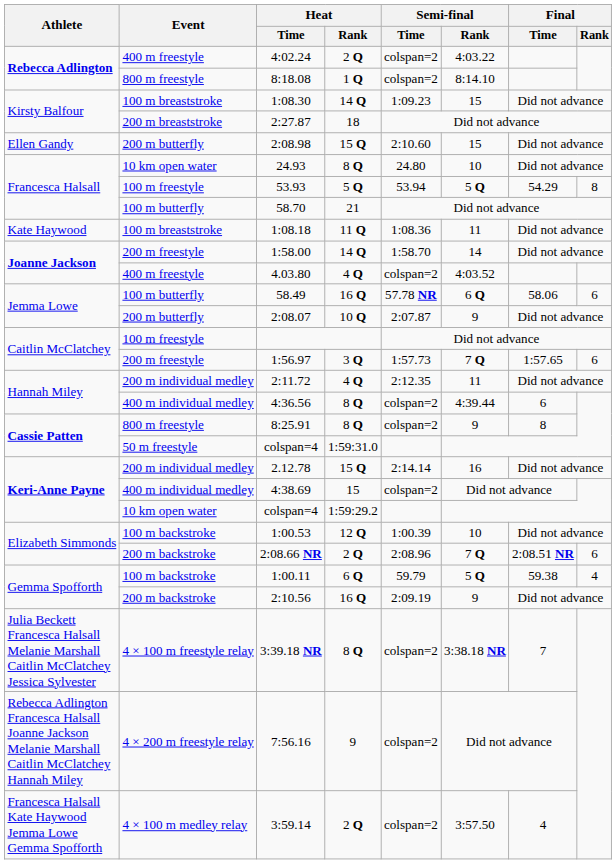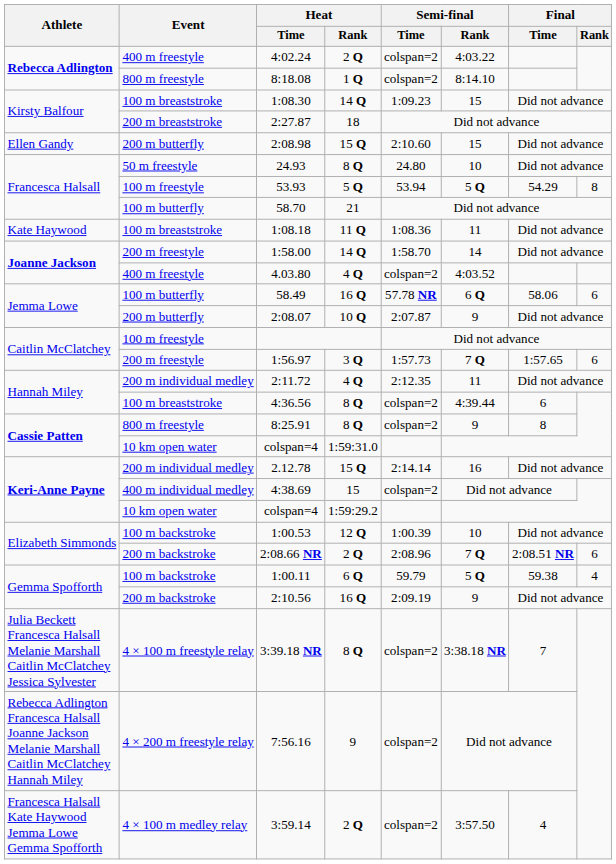 <table class=wikitable style="font-size:90%">
 <tr>
 <th rowspan="2">Athlete</th>
 <th rowspan="2">Event</th>
 <th colspan="2">Heat</th>
 <th colspan="2">Semi-final</th>
 <th colspan="2">Final</th>
 </tr>
 <tr style="font-size:95%">
 <th>Time</th>
 <th>Rank</th>
 <th>Time</th>
 <th>Rank</th>
 <th>Time</th>
 <th>Rank</th>
 </tr>
 <tr align=center>
 <td align=left rowspan=2><strong><a href='#'>Rebecca Adlington</a></strong></td>
 <td align=left><a href='#'>400 m freestyle</a></td>
 <td>4:02.24</td>
 <td>2 <strong>Q</strong></td>
 <td>colspan=2 </td>
 <td>4:03.22</td>
 <td></td>
 </tr>
 <tr align=center>
 <td align=left><a href='#'>800 m freestyle</a></td>
 <td>8:18.08 </td>
 <td>1 <strong>Q</strong></td>
 <td>colspan=2 </td>
 <td>8:14.10 </td>
 <td></td>
 </tr>
 <tr align=center>
 <td align=left rowspan="2"><a href='#'>Kirsty Balfour</a></td>
 <td align=left><a href='#'>100 m breaststroke</a></td>
 <td>1:08.30</td>
 <td>14 <strong>Q</strong></td>
 <td>1:09.23</td>
 <td>15</td>
 <td colspan=2>Did not advance</td>
 </tr>
 <tr align=center>
 <td align=left><a href='#'>200 m breaststroke</a></td>
 <td>2:27.87</td>
 <td>18</td>
 <td colspan=4>Did not advance</td>
 </tr>
 <tr align=center>
 <td align=left><a href='#'>Ellen Gandy</a></td>
 <td align=left><a href='#'>200 m butterfly</a></td>
 <td>2:08.98</td>
 <td>15 <strong>Q</strong></td>
 <td>2:10.60</td>
 <td>15</td>
 <td colspan=2>Did not advance</td>
 </tr>
 <tr align=center>
 <td align=left rowspan="3"><a href='#'>Francesca Halsall</a></td>
-<td align=left><a href='#'>10 km open water</a></td>
+<td align=left><a href='#'>50 m freestyle</a></td>
 <td>24.93</td>
 <td>8 <strong>Q</strong></td>
 <td>24.80</td>
 <td>10</td>
 <td colspan=2>Did not advance</td>
 </tr>
 <tr align=center>
 <td align=left><a href='#'>100 m freestyle</a></td>
 <td>53.93</td>
 <td>5 <strong>Q</strong></td>
 <td>53.94</td>
 <td>5 <strong>Q</strong></td>
 <td>54.29</td>
 <td>8</td>
 </tr>
 <tr align=center>
 <td align=left><a href='#'>100 m butterfly</a></td>
 <td>58.70</td>
 <td>21</td>
 <td colspan=4>Did not advance</td>
 </tr>
 <tr align=center>
 <td align=left><a href='#'>Kate Haywood</a></td>
 <td align=left><a href='#'>100 m breaststroke</a></td>
 <td>1:08.18</td>
 <td>11 <strong>Q</strong></td>
 <td>1:08.36</td>
 <td>11</td>
 <td colspan=2>Did not advance</td>
 </tr>
 <tr align=center>
 <td align=left rowspan=2><strong><a href='#'>Joanne Jackson</a></strong></td>
 <td align=left><a href='#'>200 m freestyle</a></td>
 <td>1:58.00</td>
 <td>14 <strong>Q</strong></td>
 <td>1:58.70</td>
 <td>14</td>
 <td colspan=2>Did not advance</td>
 </tr>
 <tr align=center>
 <td align=left><a href='#'>400 m freestyle</a></td>
 <td>4.03.80</td>
 <td>4 <strong>Q</strong></td>
 <td>colspan=2 </td>
 <td>4:03.52</td>
 <td></td>
 </tr>
 <tr align=center>
 <td align=left rowspan=2><a href='#'>Jemma Lowe</a></td>
 <td align=left><a href='#'>100 m butterfly</a></td>
 <td>58.49</td>
 <td>16 <strong>Q</strong></td>
 <td>57.78 <strong><a href='#'>NR</a></strong></td>
 <td>6 <strong>Q</strong></td>
 <td>58.06</td>
 <td>6</td>
 </tr>
 <tr align=center>
 <td align=left><a href='#'>200 m butterfly</a></td>
 <td>2:08.07</td>
 <td>10 <strong>Q</strong></td>
 <td>2:07.87</td>
 <td>9</td>
 <td colspan=2>Did not advance</td>
 </tr>
 <tr align=center>
 <td align=left rowspan=2><a href='#'>Caitlin McClatchey</a></td>
 <td align=left><a href='#'>100 m freestyle</a></td>
 <td colspan=2></td>
 <td colspan=4>Did not advance</td>
 </tr>
 <tr align=center>
 <td align=left><a href='#'>200 m freestyle</a></td>
 <td>1:56.97</td>
 <td>3 <strong>Q</strong></td>
 <td>1:57.73</td>
 <td>7 <strong>Q</strong></td>
 <td>1:57.65</td>
 <td>6</td>
 </tr>
 <tr align=center>
 <td align=left rowspan=2><a href='#'>Hannah Miley</a></td>
 <td align=left><a href='#'>200 m individual medley</a></td>
 <td>2:11.72</td>
 <td>4 <strong>Q</strong></td>
 <td>2:12.35</td>
 <td>11</td>
 <td colspan=2>Did not advance</td>
 </tr>
 <tr align=center>
-<td align=left><a href='#'>400 m individual medley</a></td>
+<td align=left><a href='#'>100 m breaststroke</a></td>
 <td>4:36.56</td>
 <td>8 <strong>Q</strong></td>
 <td>colspan=2 </td>
 <td>4:39.44</td>
 <td>6</td>
 </tr>
 <tr align=center>
 <td align=left rowspan=2><strong><a href='#'>Cassie Patten</a></strong></td>
 <td align=left><a href='#'>800 m freestyle</a></td>
 <td>8:25.91</td>
 <td>8 <strong>Q</strong></td>
 <td>colspan=2 </td>
 <td>9</td>
 <td>8</td>
 </tr>
 <tr align=center>
-<td align=left><a href='#'>50 m freestyle</a></td>
+<td align=left><a href='#'>10 km open water</a></td>
 <td>colspan=4 </td>
 <td>1:59:31.0</td>
 <td></td>
 </tr>
 <tr align=center>
 <td align=left rowspan="3"><strong><a href='#'>Keri-Anne Payne</a></strong></td>
 <td align=left><a href='#'>200 m individual medley</a></td>
 <td>2.12.78</td>
 <td>15 <strong>Q</strong></td>
 <td>2:14.14</td>
 <td>16</td>
 <td colspan=2>Did not advance</td>
 </tr>
 <tr align=center>
 <td align=left><a href='#'>400 m individual medley</a></td>
 <td>4:38.69</td>
 <td>15</td>
 <td>colspan=2 </td>
 <td colspan=2>Did not advance</td>
 </tr>
 <tr align=center>
 <td align=left><a href='#'>10 km open water</a></td>
 <td>colspan=4 </td>
 <td>1:59:29.2</td>
 <td></td>
 </tr>
 <tr align=center>
 <td align=left rowspan=2><a href='#'>Elizabeth Simmonds</a></td>
 <td align=left><a href='#'>100 m backstroke</a></td>
 <td>1:00.53</td>
 <td>12 <strong>Q</strong></td>
 <td>1:00.39</td>
 <td>10</td>
 <td colspan=2>Did not advance</td>
 </tr>
 <tr align=center>
 <td align=left><a href='#'>200 m backstroke</a></td>
 <td>2:08.66 <strong><a href='#'>NR</a></strong></td>
 <td>2 <strong>Q</strong></td>
 <td>2:08.96</td>
 <td>7 <strong>Q</strong></td>
 <td>2:08.51 <strong><a href='#'>NR</a></strong></td>
 <td>6</td>
 </tr>
 <tr align=center>
 <td align=left rowspan=2><a href='#'>Gemma Spofforth</a></td>
 <td align=left><a href='#'>100 m backstroke</a></td>
 <td>1:00.11</td>
 <td>6 <strong>Q</strong></td>
 <td>59.79</td>
 <td>5 <strong>Q</strong></td>
 <td>59.38</td>
 <td>4</td>
 </tr>
 <tr align=center>
 <td align=left><a href='#'>200 m backstroke</a></td>
 <td>2:10.56</td>
 <td>16 <strong>Q</strong></td>
 <td>2:09.19</td>
 <td>9</td>
 <td colspan=2>Did not advance</td>
 </tr>
 <tr align=center>
 <td align=left><a href='#'>Julia Beckett</a><br><a href='#'>Francesca Halsall</a><br><a href='#'>Melanie Marshall</a><br><a href='#'>Caitlin McClatchey</a><br><a href='#'>Jessica Sylvester</a></td>
 <td align=left><a href='#'>4 × 100 m freestyle relay</a></td>
 <td>3:39.18 <strong><a href='#'>NR</a></strong></td>
 <td>8 <strong>Q</strong></td>
 <td>colspan=2 </td>
 <td>3:38.18 <strong><a href='#'>NR</a></strong></td>
 <td>7</td>
 </tr>
 <tr align=center>
 <td align=left><a href='#'>Rebecca Adlington</a><br><a href='#'>Francesca Halsall</a><br><a href='#'>Joanne Jackson</a><br><a href='#'>Melanie Marshall</a><br><a href='#'>Caitlin McClatchey</a><br><a href='#'>Hannah Miley</a></td>
 <td align=left><a href='#'>4 × 200 m freestyle relay</a></td>
 <td>7:56.16</td>
 <td>9</td>
 <td>colspan=2 </td>
 <td colspan=2>Did not advance</td>
 </tr>
 <tr align=center>
 <td align=left><a href='#'>Francesca Halsall</a><br><a href='#'>Kate Haywood</a><br><a href='#'>Jemma Lowe</a><br><a href='#'>Gemma Spofforth</a></td>
 <td align=left><a href='#'>4 × 100 m medley relay</a></td>
 <td>3:59.14</td>
 <td>2 <strong>Q</strong></td>
 <td>colspan=2 </td>
 <td>3:57.50</td>
 <td>4</td>
 </tr>
 </table>
